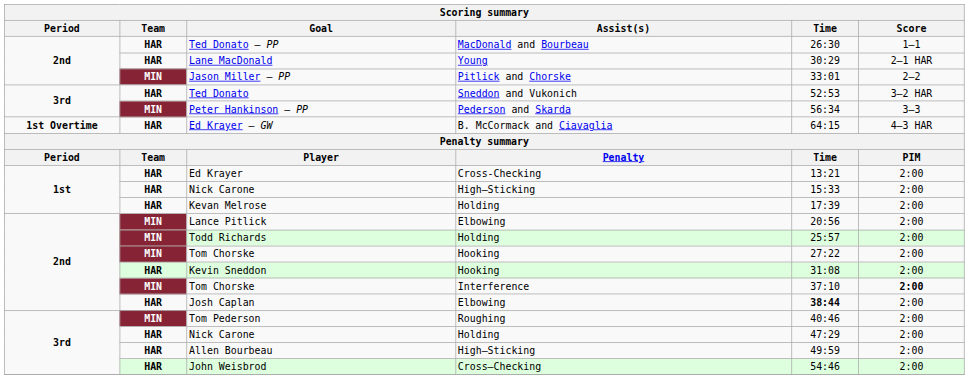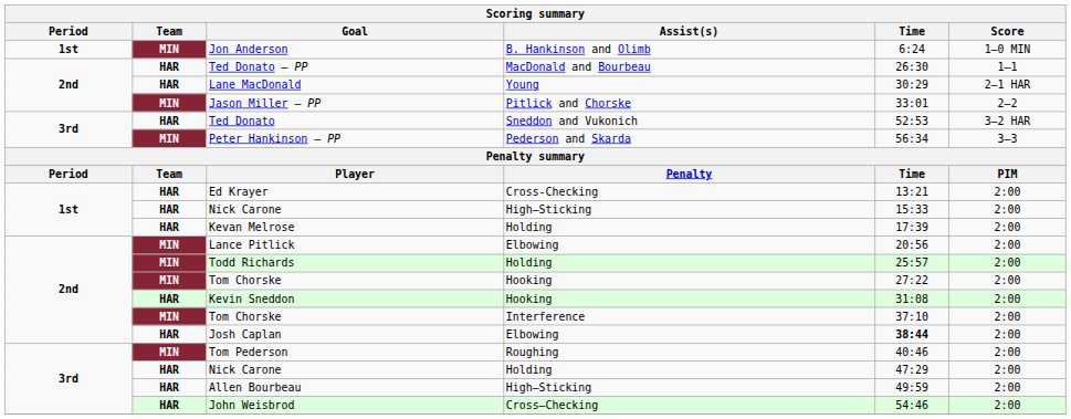 <table style="width:100%;" class="wikitable">
 <tr>
 <th colspan=6>Scoring summary</th>
 </tr>
 <tr>
 <th style="width:12%;">Period</th>
 <th style="width:7%;">Team</th>
 <th style="width:28%;">Goal</th>
 <th style="width:35%;">Assist(s)</th>
 <th style="width:7%;">Time</th>
 <th style="width:11%;">Score</th>
+</tr>
+<tr>
+<td style="text-align:center;" rowspan="1"><strong>1st</strong></td>
+<td align=center style="color:white; background:#862334; "><strong>MIN</strong></td>
+<td><a href='#'>Jon Anderson</a></td>
+<td><a href='#'>B. Hankinson</a> and <a href='#'>Olimb</a></td>
+<td align=center>6:24</td>
+<td align=center>1–0 MIN</td>
 </tr>
 <tr>
 <td style="text-align:center;" rowspan="3"><strong>2nd</strong></td>
 <td align=center><strong>HAR</strong></td>
 <td><a href='#'>Ted Donato</a> – <em>PP</em></td>
 <td><a href='#'>MacDonald</a> and <a href='#'>Bourbeau</a></td>
 <td align=center>26:30</td>
 <td align=center>1–1</td>
 </tr>
 <tr>
 <td align=center><strong>HAR</strong></td>
 <td><a href='#'>Lane MacDonald</a></td>
 <td><a href='#'>Young</a></td>
 <td align=center>30:29</td>
 <td align=center>2–1 HAR</td>
 </tr>
 <tr>
 <td align=center style="color:white; background:#862334; "><strong>MIN</strong></td>
 <td><a href='#'>Jason Miller</a> – <em>PP</em></td>
 <td><a href='#'>Pitlick</a> and <a href='#'>Chorske</a></td>
 <td align=center>33:01</td>
 <td align=center>2–2</td>
 </tr>
 <tr>
 <td style="text-align:center;" rowspan="2"><strong>3rd</strong></td>
 <td align=center><strong>HAR</strong></td>
 <td><a href='#'>Ted Donato</a></td>
 <td><a href='#'>Sneddon</a> and Vukonich</td>
 <td align=center>52:53</td>
 <td align=center>3–2 HAR</td>
 </tr>
 <tr>
 <td align=center style="color:white; background:#862334; "><strong>MIN</strong></td>
 <td><a href='#'>Peter Hankinson</a> – <em>PP</em></td>
 <td><a href='#'>Pederson</a> and <a href='#'>Skarda</a></td>
 <td align=center>56:34</td>
 <td align=center>3–3</td>
-</tr>
-<tr>
-<td style="text-align:center;" rowspan="1"><strong>1st Overtime</strong></td>
-<td align=center><strong>HAR</strong></td>
-<td><a href='#'>Ed Krayer</a> – <em>GW</em></td>
-<td>B. McCormack and <a href='#'>Ciavaglia</a></td>
-<td align=center>64:15</td>
-<td align=center>4–3 HAR</td>
 </tr>
 <tr>
 <th colspan=6>Penalty summary</th>
 </tr>
 <tr>
 <th style="width:12%;">Period</th>
 <th style="width:7%;">Team</th>
 <th style="width:28%;">Player</th>
 <th style="width:35%;"><a href='#'>Penalty</a></th>
 <th style="width:7%;">Time</th>
 <th style="width:11%;">PIM</th>
 </tr>
 <tr>
 <td style="text-align:center;" rowspan="3"><strong>1st</strong></td>
 <td align=center><strong>HAR</strong></td>
 <td>Ed Krayer</td>
 <td>Cross-Checking</td>
 <td align=center>13:21</td>
 <td align=center>2:00</td>
 </tr>
 <tr>
 <td align=center><strong>HAR</strong></td>
 <td>Nick Carone</td>
 <td>High–Sticking</td>
 <td align=center>15:33</td>
 <td align=center>2:00</td>
 </tr>
 <tr>
 <td align=center><strong>HAR</strong></td>
 <td>Kevan Melrose</td>
 <td>Holding</td>
 <td align=center>17:39</td>
 <td align=center>2:00</td>
 </tr>
 <tr>
 <td style="text-align:center;" rowspan="6"><strong>2nd</strong></td>
 <td align=center style="color:white; background:#862334; "><strong>MIN</strong></td>
 <td>Lance Pitlick</td>
 <td>Elbowing</td>
 <td align=center>20:56</td>
 <td align=center>2:00</td>
 </tr>
 <tr bgcolor=DDFFDD>
 <td align=center style="color:white; background:#862334; "><strong>MIN</strong></td>
 <td>Todd Richards</td>
 <td>Holding</td>
 <td align=center>25:57</td>
 <td align=center>2:00</td>
 </tr>
 <tr>
 <td align=center style="color:white; background:#862334; "><strong>MIN</strong></td>
 <td>Tom Chorske</td>
 <td>Hooking</td>
 <td align=center>27:22</td>
 <td align=center>2:00</td>
 </tr>
 <tr bgcolor=DDFFDD>
 <td align=center><strong>HAR</strong></td>
 <td>Kevin Sneddon</td>
 <td>Hooking</td>
 <td align=center>31:08</td>
 <td align=center>2:00</td>
 </tr>
 <tr>
 <td align=center style="color:white; background:#862334; "><strong>MIN</strong></td>
 <td>Tom Chorske</td>
 <td>Interference</td>
 <td align=center>37:10</td>
-<td align=center><strong>2:00</strong></td>
+<td align=center>2:00</td>
 </tr>
 <tr>
 <td align=center><strong>HAR</strong></td>
 <td>Josh Caplan</td>
 <td>Elbowing</td>
 <td align=center><strong>38:44</strong></td>
 <td align=center>2:00</td>
 </tr>
 <tr>
 <td style="text-align:center;" rowspan="4"><strong>3rd</strong></td>
 <td align=center style="color:white; background:#862334; "><strong>MIN</strong></td>
 <td>Tom Pederson</td>
 <td>Roughing</td>
 <td align=center>40:46</td>
 <td align=center>2:00</td>
 </tr>
 <tr>
 <td align=center><strong>HAR</strong></td>
 <td>Nick Carone</td>
 <td>Holding</td>
 <td align=center>47:29</td>
 <td align=center>2:00</td>
 </tr>
 <tr>
 <td align=center><strong>HAR</strong></td>
 <td>Allen Bourbeau</td>
 <td>High–Sticking</td>
 <td align=center>49:59</td>
 <td align=center>2:00</td>
 </tr>
 <tr bgcolor=DDFFDD>
 <td align=center><strong>HAR</strong></td>
 <td>John Weisbrod</td>
 <td>Cross–Checking</td>
 <td align=center>54:46</td>
 <td align=center>2:00</td>
 </tr>
 <tr>
 </tr>
 </table>
